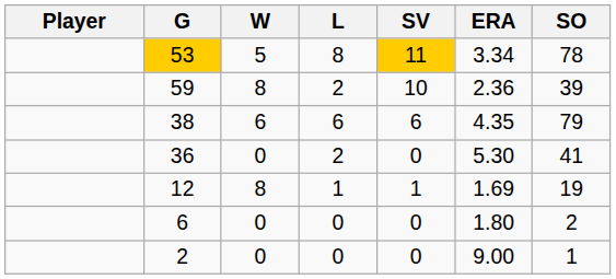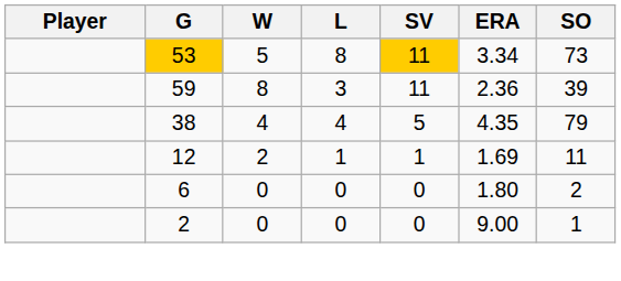 <table class="wikitable sortable">
 <tr>
 <th bgcolor="#DDDDFF" width="16%">Player</th>
 <th bgcolor="#DDDDFF" width="9%">G</th>
 <th bgcolor="#DDDDFF" width="9%">W</th>
 <th bgcolor="#DDDDFF" width="9%">L</th>
 <th bgcolor="#DDDDFF" width="9%">SV</th>
 <th bgcolor="#DDDDFF" width="9%">ERA</th>
 <th bgcolor="#DDDDFF" width="9%">SO</th>
 </tr>
 <tr align="center">
 <td></td>
 <td style="background:#fc0;">53</td>
 <td>5</td>
 <td>8</td>
 <td style="background:#fc0;">11</td>
 <td>3.34</td>
-<td>78</td>
+<td>73</td>
 </tr>
 <tr align=center>
 <td></td>
 <td>59</td>
 <td>8</td>
-<td>2</td>
-<td>10</td>
+<td>3</td>
+<td>11</td>
 <td>2.36</td>
 <td>39</td>
 </tr>
 <tr align="center">
 <td></td>
 <td>38</td>
-<td>6</td>
-<td>6</td>
-<td>6</td>
+<td>4</td>
+<td>4</td>
+<td>5</td>
 <td>4.35</td>
 <td>79</td>
 </tr>
 <tr align="center">
 <td></td>
-<td>36</td>
-<td>0</td>
+<td>12</td>
 <td>2</td>
-<td>0</td>
-<td>5.30</td>
-<td>41</td>
-</tr>
-<tr align="center">
-<td></td>
-<td>12</td>
-<td>8</td>
 <td>1</td>
 <td>1</td>
 <td>1.69</td>
-<td>19</td>
+<td>11</td>
 </tr>
 <tr align="center">
 <td></td>
 <td>6</td>
 <td>0</td>
 <td>0</td>
 <td>0</td>
 <td>1.80</td>
 <td>2</td>
 </tr>
 <tr align="center">
 <td></td>
 <td>2</td>
 <td>0</td>
 <td>0</td>
 <td>0</td>
 <td>9.00</td>
 <td>1</td>
 </tr>
 </table>
